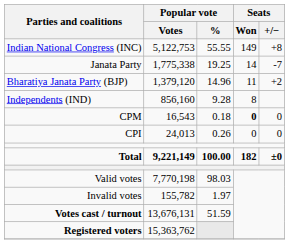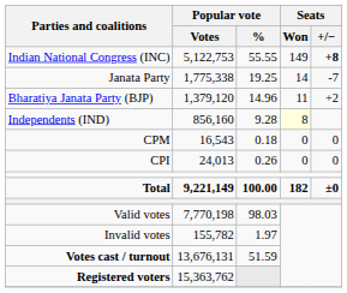 <table class="wikitable" style="text-align:right; font-size:95%;">
 <tr>
 <th rowspan="2">Parties and coalitions</th>
 <th colspan="2">Popular vote</th>
 <th colspan="2">Seats</th>
 </tr>
 <tr>
 <th width="70">Votes</th>
 <th width="45">%</th>
 <th width="30">Won</th>
 <th width="30">+/−</th>
 </tr>
 <tr>
 <td align="left"><a href='#'>Indian National Congress</a> (INC)</td>
 <td>5,122,753</td>
 <td>55.55</td>
 <td>149</td>
-<td>+8</td>
+<td><strong>+8</strong></td>
 </tr>
 <tr>
 <td>Janata Party</td>
 <td>1,775,338</td>
 <td>19.25</td>
 <td>14</td>
 <td>-7</td>
 </tr>
 <tr>
 <td align="left"><a href='#'>Bharatiya Janata Party</a> (BJP)</td>
 <td>1,379,120</td>
 <td>14.96</td>
 <td>11</td>
 <td>+2</td>
 </tr>
 <tr>
 <td align="left"><a href='#'>Independents</a> (IND)</td>
 <td>856,160</td>
 <td>9.28</td>
-<td>8</td>
+<td style="background: lightyellow;">8</td>
 <td></td>
 </tr>
 <tr>
 <td>CPM</td>
 <td>16,543</td>
 <td>0.18</td>
-<td><strong>0</strong></td>
+<td>0</td>
 <td>0</td>
 </tr>
 <tr>
 <td>CPI</td>
 <td>24,013</td>
 <td>0.26</td>
 <td>0</td>
 <td>0</td>
 </tr>
 <tr>
 <td colspan="5"></td>
 </tr>
 <tr style="font-weight:bold;">
 <td>Total</td>
 <td>9,221,149</td>
 <td>100.00</td>
 <td>182</td>
 <td>±0</td>
 </tr>
 <tr>
 <th colspan="5"></th>
 </tr>
 <tr>
 <td>Valid votes</td>
 <td align="right">7,770,198</td>
 <td align="right">98.03</td>
 <td colspan="2" rowspan="4"></td>
 </tr>
 <tr>
 <td>Invalid votes</td>
 <td align="right">155,782</td>
 <td align="right">1.97</td>
 </tr>
 <tr>
 <td><strong>Votes cast / turnout</strong></td>
 <td align="right">13,676,131</td>
 <td align="right">51.59</td>
 </tr>
 <tr>
 <td><strong>Registered voters</strong></td>
 <td align="right">15,363,762</td>
 <td colspan="1" style="background-color:#E9E9E9"></td>
 </tr>
 <tr>
 </tr>
 </table>
